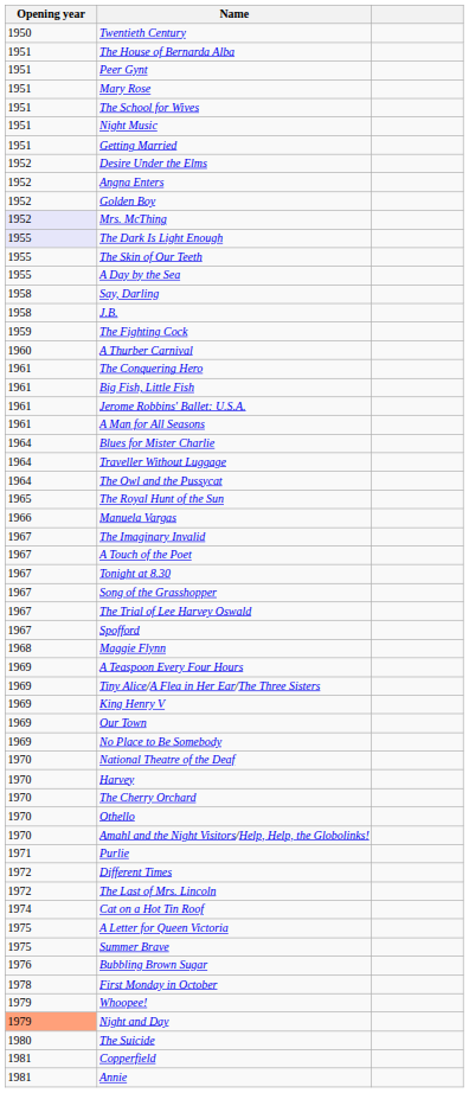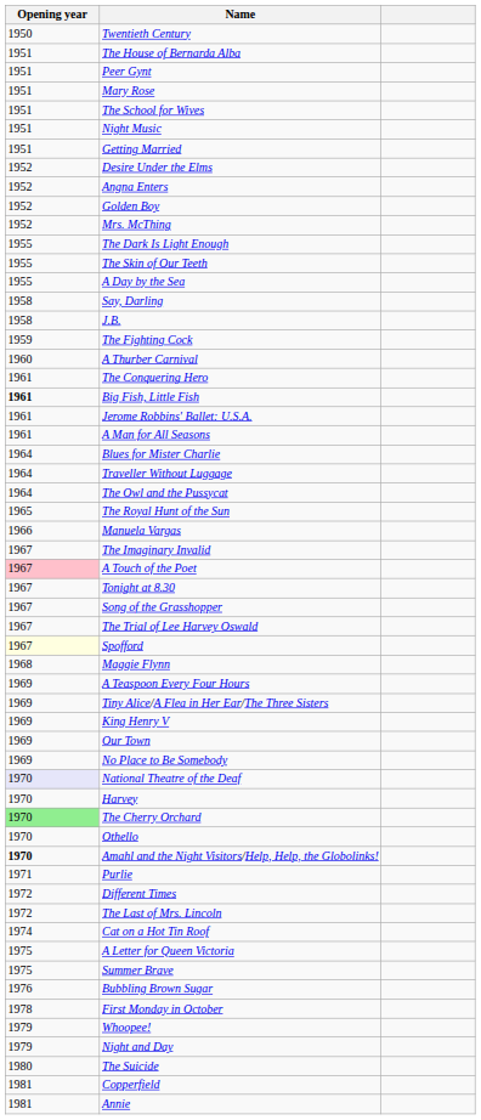 <table class="wikitable sortable collapsible">
 <tr>
 <th width=20% scope="col">Opening year</th>
 <th width=60% scope="col">Name</th>
 <th width=20% scope="col"  class="unsortable"></th>
 </tr>
 <tr>
 <td>1950</td>
 <td><em><a href='#'>Twentieth Century</a></em></td>
 <td></td>
 </tr>
 <tr>
 <td>1951</td>
 <td><em><a href='#'>The House of Bernarda Alba</a></em></td>
 <td></td>
 </tr>
 <tr>
 <td>1951</td>
 <td><em><a href='#'>Peer Gynt</a></em></td>
 <td></td>
 </tr>
 <tr>
 <td>1951</td>
 <td><em><a href='#'>Mary Rose</a></em></td>
 <td></td>
 </tr>
 <tr>
 <td>1951</td>
 <td><em><a href='#'>The School for Wives</a></em></td>
 <td></td>
 </tr>
 <tr>
 <td>1951</td>
 <td><em><a href='#'>Night Music</a></em></td>
 <td></td>
 </tr>
 <tr>
 <td>1951</td>
 <td><em><a href='#'>Getting Married</a></em></td>
 <td></td>
 </tr>
 <tr>
 <td>1952</td>
 <td><em><a href='#'>Desire Under the Elms</a></em></td>
 <td></td>
 </tr>
 <tr>
 <td>1952</td>
 <td><em><a href='#'>Angna Enters</a></em></td>
 <td></td>
 </tr>
 <tr>
 <td>1952</td>
 <td><em><a href='#'>Golden Boy</a></em></td>
 <td></td>
 </tr>
 <tr>
-<td style="background: lavender;">1952</td>
+<td>1952</td>
 <td><em><a href='#'>Mrs. McThing</a></em></td>
 <td></td>
 </tr>
 <tr>
-<td style="background: lavender;">1955</td>
+<td>1955</td>
 <td><em><a href='#'>The Dark Is Light Enough</a></em></td>
 <td></td>
 </tr>
 <tr>
 <td>1955</td>
 <td><em><a href='#'>The Skin of Our Teeth</a></em></td>
 <td></td>
 </tr>
 <tr>
 <td>1955</td>
 <td><em><a href='#'>A Day by the Sea</a></em></td>
 <td></td>
 </tr>
 <tr>
 <td>1958</td>
 <td><em><a href='#'>Say, Darling</a></em></td>
 <td></td>
 </tr>
 <tr>
 <td>1958</td>
 <td><em><a href='#'>J.B.</a></em></td>
 <td></td>
 </tr>
 <tr>
 <td>1959</td>
 <td><em><a href='#'>The Fighting Cock</a></em></td>
 <td></td>
 </tr>
 <tr>
 <td>1960</td>
 <td><em><a href='#'>A Thurber Carnival</a></em></td>
 <td></td>
 </tr>
 <tr>
 <td>1961</td>
 <td><em><a href='#'>The Conquering Hero</a></em></td>
 <td></td>
 </tr>
 <tr>
-<td>1961</td>
+<td><strong>1961</strong></td>
 <td><em><a href='#'>Big Fish, Little Fish</a></em></td>
 <td></td>
 </tr>
 <tr>
 <td>1961</td>
 <td><em><a href='#'>Jerome Robbins' Ballet: U.S.A.</a></em></td>
 <td></td>
 </tr>
 <tr>
 <td>1961</td>
 <td><em><a href='#'>A Man for All Seasons</a></em></td>
 <td></td>
 </tr>
 <tr>
 <td>1964</td>
 <td><em><a href='#'>Blues for Mister Charlie</a></em></td>
 <td></td>
 </tr>
 <tr>
 <td>1964</td>
 <td><em><a href='#'>Traveller Without Luggage</a></em></td>
 <td></td>
 </tr>
 <tr>
 <td>1964</td>
 <td><em><a href='#'>The Owl and the Pussycat</a></em></td>
 <td></td>
 </tr>
 <tr>
 <td>1965</td>
 <td><em><a href='#'>The Royal Hunt of the Sun</a></em></td>
 <td></td>
 </tr>
 <tr>
 <td>1966</td>
 <td><em><a href='#'>Manuela Vargas</a></em></td>
 <td></td>
 </tr>
 <tr>
 <td>1967</td>
 <td><em><a href='#'>The Imaginary Invalid</a></em></td>
 <td></td>
 </tr>
 <tr>
-<td>1967</td>
+<td style="background: pink;">1967</td>
 <td><em><a href='#'>A Touch of the Poet</a></em></td>
 <td></td>
 </tr>
 <tr>
 <td>1967</td>
 <td><em><a href='#'>Tonight at 8.30</a></em></td>
 <td></td>
 </tr>
 <tr>
 <td>1967</td>
 <td><em><a href='#'>Song of the Grasshopper</a></em></td>
 <td></td>
 </tr>
 <tr>
 <td>1967</td>
 <td><em><a href='#'>The Trial of Lee Harvey Oswald</a></em></td>
 <td></td>
 </tr>
 <tr>
-<td>1967</td>
+<td style="background: lightyellow;">1967</td>
 <td><em><a href='#'>Spofford</a></em></td>
 <td></td>
 </tr>
 <tr>
 <td>1968</td>
 <td><em><a href='#'>Maggie Flynn</a></em></td>
 <td></td>
 </tr>
 <tr>
 <td>1969</td>
 <td><em><a href='#'>A Teaspoon Every Four Hours</a></em></td>
 <td></td>
 </tr>
 <tr>
 <td>1969</td>
 <td><em><a href='#'>Tiny Alice</a>/<a href='#'>A Flea in Her Ear</a>/<a href='#'>The Three Sisters</a></em></td>
 <td></td>
 </tr>
 <tr>
 <td>1969</td>
 <td><em><a href='#'>King Henry V</a></em></td>
 <td></td>
 </tr>
 <tr>
 <td>1969</td>
 <td><em><a href='#'>Our Town</a></em></td>
 <td></td>
 </tr>
 <tr>
 <td>1969</td>
 <td><em><a href='#'>No Place to Be Somebody</a></em></td>
 <td></td>
 </tr>
 <tr>
-<td>1970</td>
+<td style="background: lavender;">1970</td>
 <td><em><a href='#'>National Theatre of the Deaf</a></em></td>
 <td></td>
 </tr>
 <tr>
 <td>1970</td>
 <td><em><a href='#'>Harvey</a></em></td>
 <td></td>
 </tr>
 <tr>
-<td>1970</td>
+<td style="background: lightgreen;">1970</td>
 <td><em><a href='#'>The Cherry Orchard</a></em></td>
 <td></td>
 </tr>
 <tr>
 <td>1970</td>
 <td><em><a href='#'>Othello</a></em></td>
 <td></td>
 </tr>
 <tr>
-<td>1970</td>
+<td><strong>1970</strong></td>
 <td><em><a href='#'>Amahl and the Night Visitors</a>/<a href='#'>Help, Help, the Globolinks!</a></em></td>
 <td></td>
 </tr>
 <tr>
 <td>1971</td>
 <td><em><a href='#'>Purlie</a></em></td>
 <td></td>
 </tr>
 <tr>
 <td>1972</td>
 <td><em><a href='#'>Different Times</a></em></td>
 <td></td>
 </tr>
 <tr>
 <td>1972</td>
 <td><em><a href='#'>The Last of Mrs. Lincoln</a></em></td>
 <td></td>
 </tr>
 <tr>
 <td>1974</td>
 <td><em><a href='#'>Cat on a Hot Tin Roof</a></em></td>
 <td></td>
 </tr>
 <tr>
 <td>1975</td>
 <td><em><a href='#'>A Letter for Queen Victoria</a></em></td>
 <td></td>
 </tr>
 <tr>
 <td>1975</td>
 <td><em><a href='#'>Summer Brave</a></em></td>
 <td></td>
 </tr>
 <tr>
 <td>1976</td>
 <td><em><a href='#'>Bubbling Brown Sugar</a></em></td>
 <td></td>
 </tr>
 <tr>
 <td>1978</td>
 <td><em><a href='#'>First Monday in October</a></em></td>
 <td></td>
 </tr>
 <tr>
 <td>1979</td>
 <td><em><a href='#'>Whoopee!</a></em></td>
 <td></td>
 </tr>
 <tr>
-<td style="background: lightsalmon;">1979</td>
+<td>1979</td>
 <td><em><a href='#'>Night and Day</a></em></td>
 <td></td>
 </tr>
 <tr>
 <td>1980</td>
 <td><em><a href='#'>The Suicide</a></em></td>
 <td></td>
 </tr>
 <tr>
 <td>1981</td>
 <td><em><a href='#'>Copperfield</a></em></td>
 <td></td>
 </tr>
 <tr>
 <td>1981</td>
 <td><em><a href='#'>Annie</a></em></td>
 <td></td>
 </tr>
 </table>
